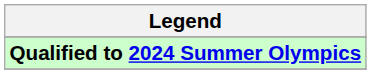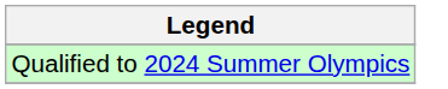 <table class="wikitable" style="font-size:92%;">
 <tr>
 <th>Legend</th>
 </tr>
 <tr>
 </tr>
 <tr bgcolor=#cfc>
-<td><strong>Qualified to <a href='#'>2024 Summer Olympics</a></strong></td>
+<td>Qualified to <a href='#'>2024 Summer Olympics</a></td>
 </tr>
 <tr>
 </tr>
 </table>
